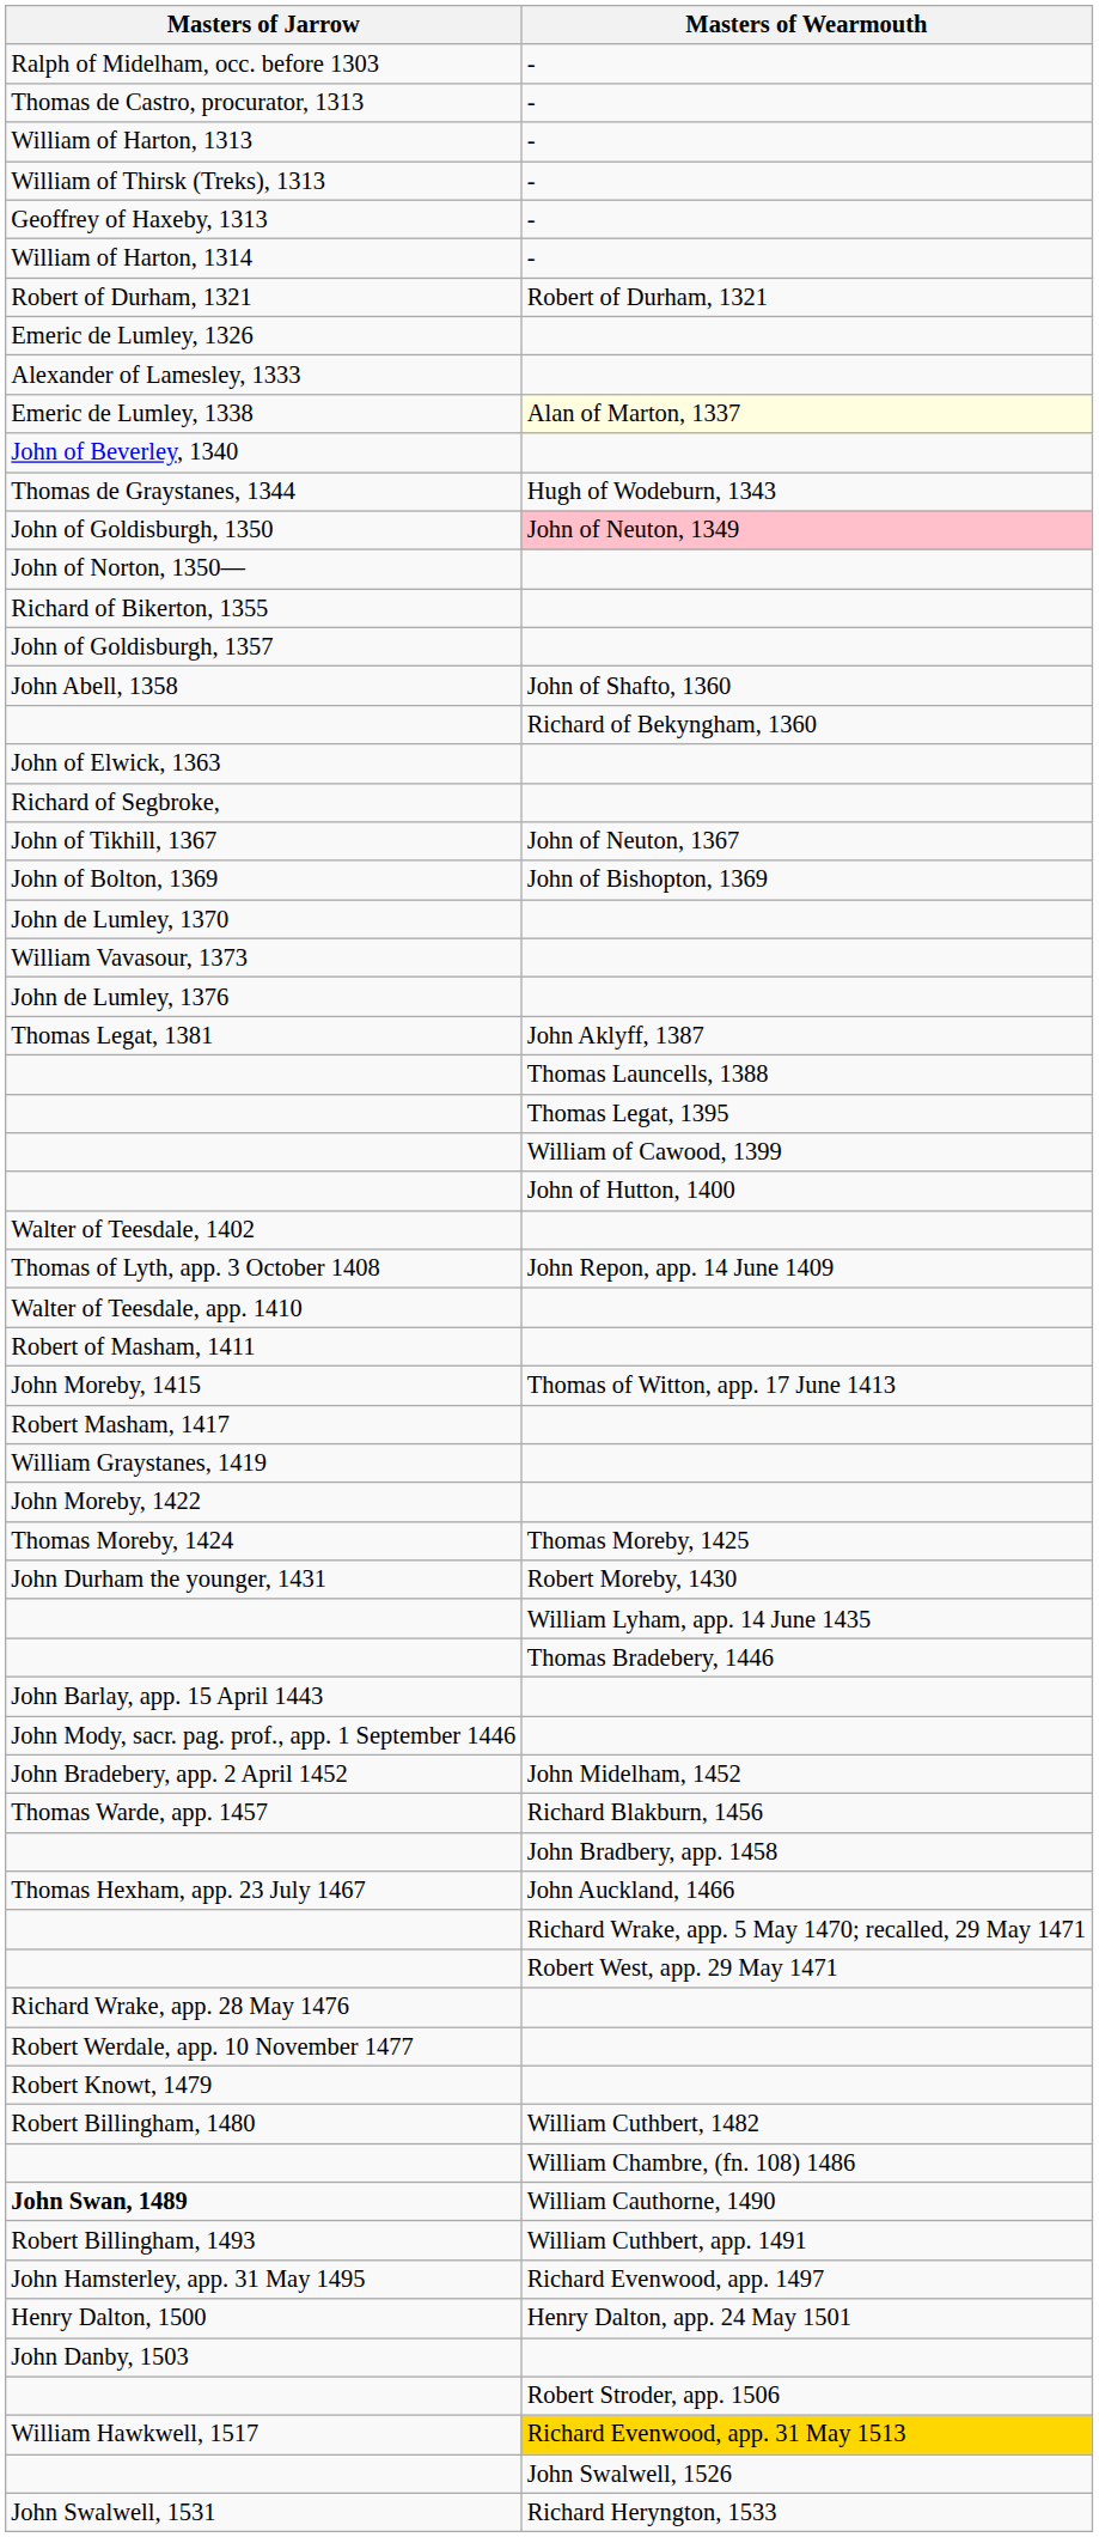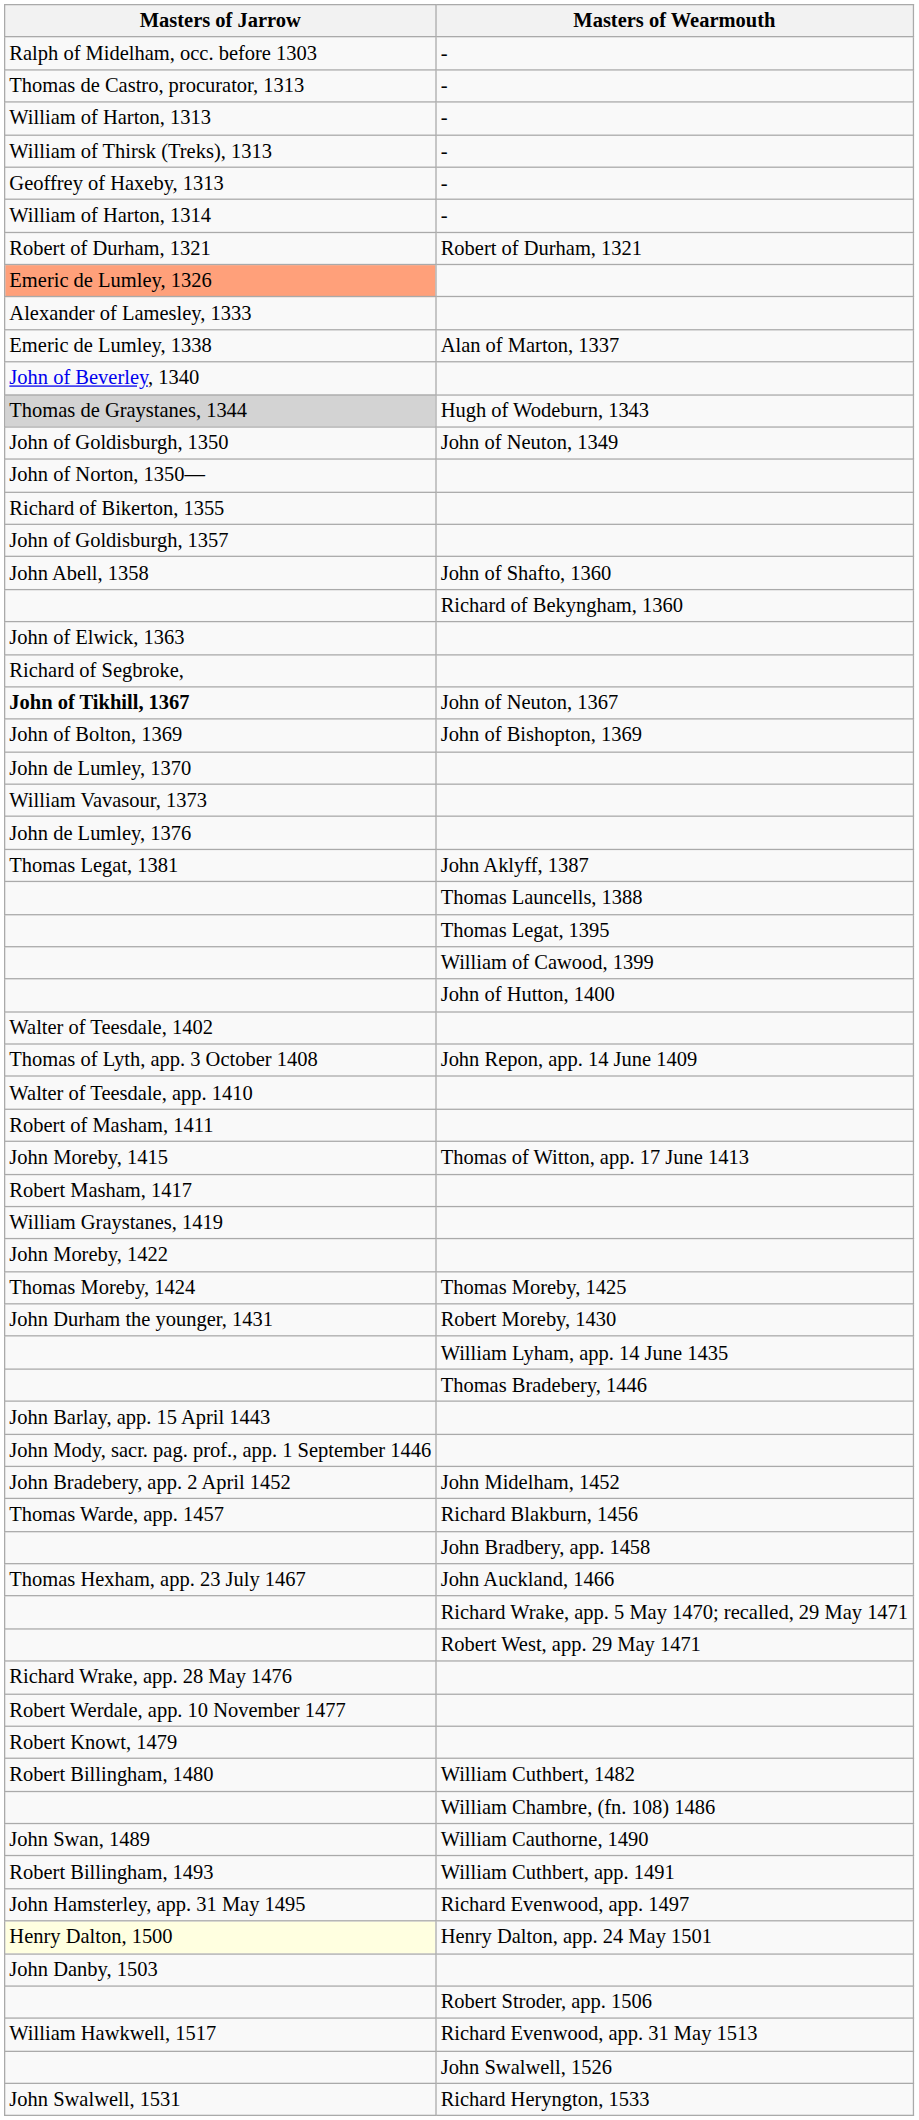 <table class="wikitable">
 <tr>
 <th>Masters of Jarrow</th>
 <th>Masters of Wearmouth</th>
 </tr>
 <tr>
 <td>Ralph of Midelham, occ. before 1303</td>
 <td>-</td>
 </tr>
 <tr>
 <td>Thomas de Castro, procurator, 1313</td>
 <td>-</td>
 </tr>
 <tr>
 <td>William of Harton, 1313</td>
 <td>-</td>
 </tr>
 <tr>
 <td>William of Thirsk (Treks), 1313</td>
 <td>-</td>
 </tr>
 <tr>
 <td>Geoffrey of Haxeby, 1313</td>
 <td>-</td>
 </tr>
 <tr>
 <td>William of Harton, 1314</td>
 <td>-</td>
 </tr>
 <tr>
 <td>Robert of Durham, 1321</td>
 <td>Robert of Durham, 1321</td>
 </tr>
 <tr>
-<td>Emeric de Lumley, 1326</td>
+<td style="background: lightsalmon;">Emeric de Lumley, 1326</td>
 <td></td>
 </tr>
 <tr>
 <td>Alexander of Lamesley, 1333</td>
 <td></td>
 </tr>
 <tr>
 <td>Emeric de Lumley, 1338</td>
-<td style="background: lightyellow;">Alan of Marton, 1337</td>
+<td>Alan of Marton, 1337</td>
 </tr>
 <tr>
 <td><a href='#'>John of Beverley</a>, 1340</td>
 <td></td>
 </tr>
 <tr>
-<td>Thomas de Graystanes, 1344</td>
+<td style="background: lightgrey;">Thomas de Graystanes, 1344</td>
 <td>Hugh of Wodeburn, 1343</td>
 </tr>
 <tr>
 <td>John of Goldisburgh, 1350</td>
-<td style="background: pink;">John of Neuton, 1349</td>
+<td>John of Neuton, 1349</td>
 </tr>
 <tr>
 <td>John of Norton, 1350—</td>
 <td></td>
 </tr>
 <tr>
 <td>Richard of Bikerton, 1355</td>
 <td></td>
 </tr>
 <tr>
 <td>John of Goldisburgh, 1357</td>
 <td></td>
 </tr>
 <tr>
 <td>John Abell, 1358</td>
 <td>John of Shafto, 1360</td>
 </tr>
 <tr>
 <td></td>
 <td>Richard of Bekyngham, 1360</td>
 </tr>
 <tr>
 <td>John of Elwick, 1363</td>
 <td></td>
 </tr>
 <tr>
 <td>Richard of Segbroke,</td>
 <td></td>
 </tr>
 <tr>
-<td>John of Tikhill, 1367</td>
+<td><strong>John of Tikhill, 1367</strong></td>
 <td>John of Neuton, 1367</td>
 </tr>
 <tr>
 <td>John of Bolton, 1369</td>
 <td>John of Bishopton, 1369</td>
 </tr>
 <tr>
 <td>John de Lumley, 1370</td>
 <td></td>
 </tr>
 <tr>
 <td>William Vavasour, 1373</td>
 <td></td>
 </tr>
 <tr>
 <td>John de Lumley, 1376</td>
 <td></td>
 </tr>
 <tr>
 <td>Thomas Legat, 1381</td>
 <td>John Aklyff, 1387</td>
 </tr>
 <tr>
 <td></td>
 <td>Thomas Launcells, 1388</td>
 </tr>
 <tr>
 <td></td>
 <td>Thomas Legat, 1395</td>
 </tr>
 <tr>
 <td></td>
 <td>William of Cawood, 1399</td>
 </tr>
 <tr>
 <td></td>
 <td>John of Hutton, 1400</td>
 </tr>
 <tr>
 <td>Walter of Teesdale, 1402</td>
 <td></td>
 </tr>
 <tr>
 <td>Thomas of Lyth, app. 3 October 1408</td>
 <td>John Repon, app. 14 June 1409</td>
 </tr>
 <tr>
 <td>Walter of Teesdale, app. 1410</td>
 <td></td>
 </tr>
 <tr>
 <td>Robert of Masham, 1411</td>
 <td></td>
 </tr>
 <tr>
 <td>John Moreby, 1415</td>
 <td>Thomas of Witton, app. 17 June 1413</td>
 </tr>
 <tr>
 <td>Robert Masham, 1417</td>
 <td></td>
 </tr>
 <tr>
 <td>William Graystanes, 1419</td>
 <td></td>
 </tr>
 <tr>
 <td>John Moreby, 1422</td>
 <td></td>
 </tr>
 <tr>
 <td>Thomas Moreby, 1424</td>
 <td>Thomas Moreby, 1425</td>
 </tr>
 <tr>
 <td>John Durham the younger, 1431</td>
 <td>Robert Moreby, 1430</td>
 </tr>
 <tr>
 <td></td>
 <td>William Lyham, app. 14 June 1435</td>
 </tr>
 <tr>
 <td></td>
 <td>Thomas Bradebery, 1446</td>
 </tr>
 <tr>
 <td>John Barlay, app. 15 April 1443</td>
 <td></td>
 </tr>
 <tr>
 <td>John Mody, sacr. pag. prof., app. 1 September 1446</td>
 <td></td>
 </tr>
 <tr>
 <td>John Bradebery, app. 2 April 1452</td>
 <td>John Midelham, 1452</td>
 </tr>
 <tr>
 <td>Thomas Warde, app. 1457</td>
 <td>Richard Blakburn, 1456</td>
 </tr>
 <tr>
 <td></td>
 <td>John Bradbery, app. 1458</td>
 </tr>
 <tr>
 <td>Thomas Hexham, app. 23 July 1467</td>
 <td>John Auckland, 1466</td>
 </tr>
 <tr>
 <td></td>
 <td>Richard Wrake, app. 5 May 1470; recalled, 29 May 1471</td>
 </tr>
 <tr>
 <td></td>
 <td>Robert West, app. 29 May 1471</td>
 </tr>
 <tr>
 <td>Richard Wrake, app. 28 May 1476</td>
 <td></td>
 </tr>
 <tr>
 <td>Robert Werdale, app. 10 November 1477</td>
 <td></td>
 </tr>
 <tr>
 <td>Robert Knowt, 1479</td>
 <td></td>
 </tr>
 <tr>
 <td>Robert Billingham, 1480</td>
 <td>William Cuthbert, 1482</td>
 </tr>
 <tr>
 <td></td>
 <td>William Chambre, (fn. 108) 1486</td>
 </tr>
 <tr>
-<td><strong>John Swan, 1489</strong></td>
+<td>John Swan, 1489</td>
 <td>William Cauthorne, 1490</td>
 </tr>
 <tr>
 <td>Robert Billingham, 1493</td>
 <td>William Cuthbert, app. 1491</td>
 </tr>
 <tr>
 <td>John Hamsterley, app. 31 May 1495</td>
 <td>Richard Evenwood, app. 1497</td>
 </tr>
 <tr>
-<td>Henry Dalton, 1500</td>
+<td style="background: lightyellow;">Henry Dalton, 1500</td>
 <td>Henry Dalton, app. 24 May 1501</td>
 </tr>
 <tr>
 <td>John Danby, 1503</td>
 <td></td>
 </tr>
 <tr>
 <td></td>
 <td>Robert Stroder, app. 1506</td>
 </tr>
 <tr>
 <td>William Hawkwell, 1517</td>
-<td style="background: gold;">Richard Evenwood, app. 31 May 1513</td>
+<td>Richard Evenwood, app. 31 May 1513</td>
 </tr>
 <tr>
 <td></td>
 <td>John Swalwell, 1526</td>
 </tr>
 <tr>
 <td>John Swalwell, 1531</td>
 <td>Richard Heryngton, 1533</td>
 </tr>
 </table>
